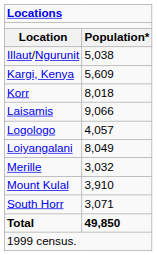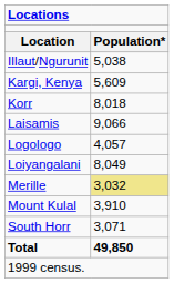 <table class="wikitable">
 <tr>
 <td colspan="2"><strong><a href='#'>Locations</a></strong></td>
 </tr>
 <tr>
 <td colspan="2"></td>
 </tr>
 <tr>
 <th>Location</th>
 <th>Population*</th>
 </tr>
 <tr>
 <td><a href='#'>Illaut</a>/<a href='#'>Ngurunit</a></td>
 <td>5,038</td>
 </tr>
 <tr>
 <td><a href='#'>Kargi, Kenya</a></td>
 <td>5,609</td>
 </tr>
 <tr>
 <td><a href='#'>Korr</a></td>
 <td>8,018</td>
 </tr>
 <tr>
 <td><a href='#'>Laisamis</a></td>
 <td>9,066</td>
 </tr>
 <tr>
 <td><a href='#'>Logologo</a></td>
 <td>4,057</td>
 </tr>
 <tr>
 <td><a href='#'>Loiyangalani</a></td>
 <td>8,049</td>
 </tr>
 <tr>
 <td><a href='#'>Merille</a></td>
-<td>3,032</td>
+<td style="background: khaki;">3,032</td>
 </tr>
 <tr>
 <td><a href='#'>Mount Kulal</a></td>
 <td>3,910</td>
 </tr>
 <tr>
 <td><a href='#'>South Horr</a></td>
 <td>3,071</td>
 </tr>
 <tr>
 <td><strong>Total</strong></td>
 <td><strong>49,850</strong></td>
 </tr>
 <tr>
 <td colspan="2">1999 census.</td>
 </tr>
 </table>
